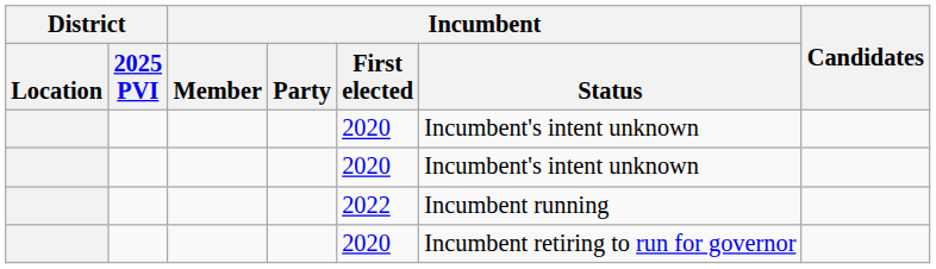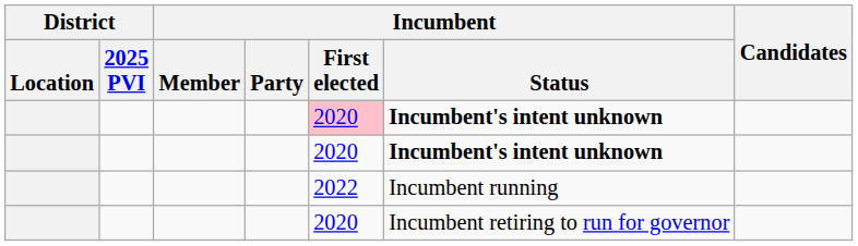 <table class="wikitable sortable">
 <tr>
 <th colspan=2>District</th>
 <th colspan=4>Incumbent</th>
 <th rowspan=2 class="unsortable">Candidates</th>
 </tr>
 <tr valign=bottom>
 <th>Location</th>
 <th><a href='#'>2025<br>PVI</a></th>
 <th>Member</th>
 <th>Party</th>
 <th>First<br>elected</th>
 <th>Status</th>
 </tr>
 <tr>
 <th></th>
 <td></td>
 <td></td>
 <td></td>
-<td><a href='#'>2020</a></td>
-<td>Incumbent's intent unknown</td>
+<td style="background: pink;"><a href='#'>2020</a></td>
+<td><strong>Incumbent's intent unknown</strong></td>
 <td></td>
 </tr>
 <tr>
 <th></th>
 <td></td>
 <td></td>
 <td></td>
 <td><a href='#'>2020</a></td>
-<td>Incumbent's intent unknown</td>
+<td><strong>Incumbent's intent unknown</strong></td>
 <td></td>
 </tr>
 <tr>
 <th></th>
 <td></td>
 <td></td>
 <td></td>
 <td><a href='#'>2022</a></td>
 <td>Incumbent running</td>
 <td></td>
 </tr>
 <tr>
 <th></th>
 <td></td>
 <td></td>
 <td></td>
 <td><a href='#'>2020</a></td>
 <td>Incumbent retiring to <a href='#'>run for governor</a></td>
 <td></td>
 </tr>
 </table>
